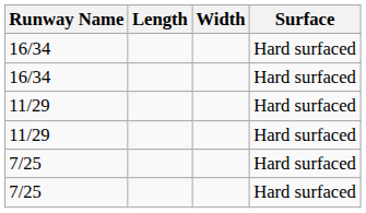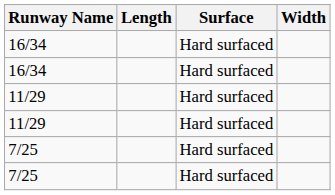 <table class="wikitable">
 <tr>
 <th>Runway Name</th>
 <th>Length</th>
+<th>Surface</th>
 <th>Width</th>
-<th>Surface</th>
 </tr>
 <tr>
 <td>16/34</td>
 <td></td>
+<td>Hard surfaced</td>
 <td></td>
-<td>Hard surfaced</td>
 </tr>
 <tr>
 <td>16/34</td>
 <td></td>
+<td>Hard surfaced</td>
 <td></td>
-<td>Hard surfaced</td>
 </tr>
 <tr>
 <td>11/29</td>
 <td></td>
+<td>Hard surfaced</td>
 <td></td>
-<td>Hard surfaced</td>
 </tr>
 <tr>
 <td>11/29</td>
 <td></td>
+<td>Hard surfaced</td>
 <td></td>
-<td>Hard surfaced</td>
 </tr>
 <tr>
 <td>7/25</td>
 <td></td>
+<td>Hard surfaced</td>
 <td></td>
-<td>Hard surfaced</td>
 </tr>
 <tr>
 <td>7/25</td>
 <td></td>
+<td>Hard surfaced</td>
 <td></td>
-<td>Hard surfaced</td>
 </tr>
 </table>
